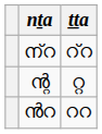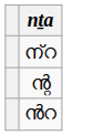 <table class="wikitable" lang="ml" style="text-align:center;margin-left:30px">
 <tr lang="en">
 <th> </th>
 <th><em>nṯa</em></th>
-<th><em>ṯṯa</em></th>
 </tr>
 <tr>
 <th></th>
 <td>ന്‌റ</td>
-<td>റ്‌റ</td>
 </tr>
 <tr>
 <th></th>
 <td>ന്റ</td>
-<td>റ്റ</td>
 </tr>
 <tr>
 <th></th>
 <td>ൻറ</td>
-<td>ററ</td>
 </tr>
 </table>
